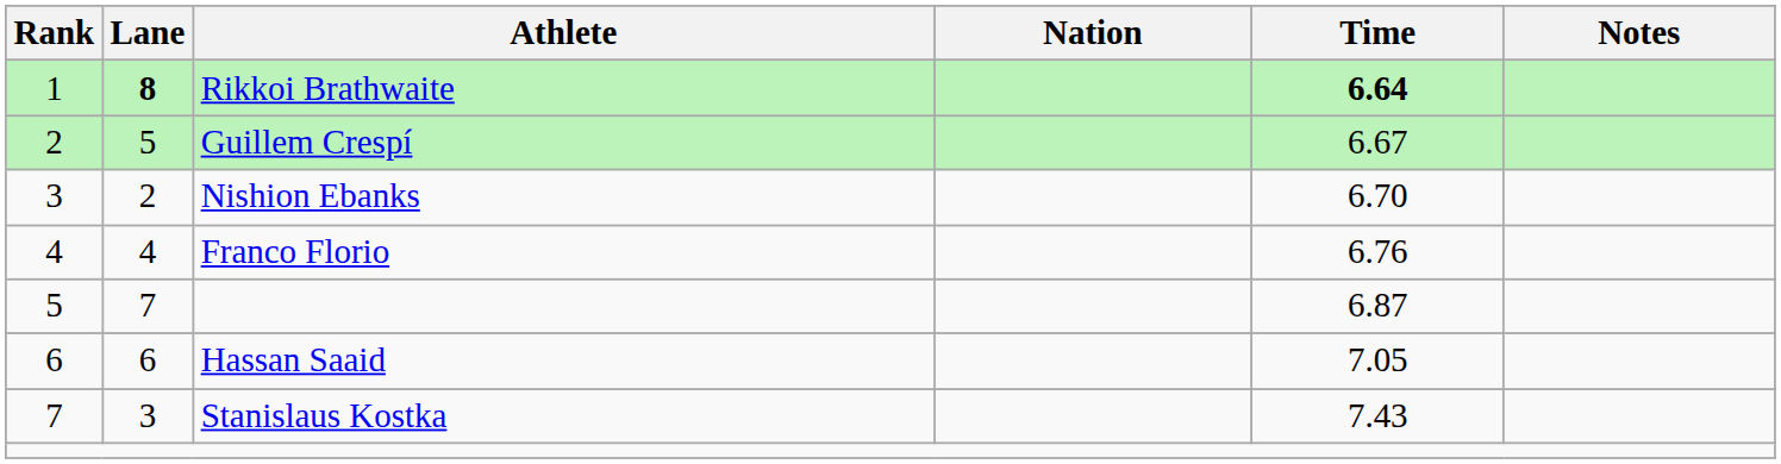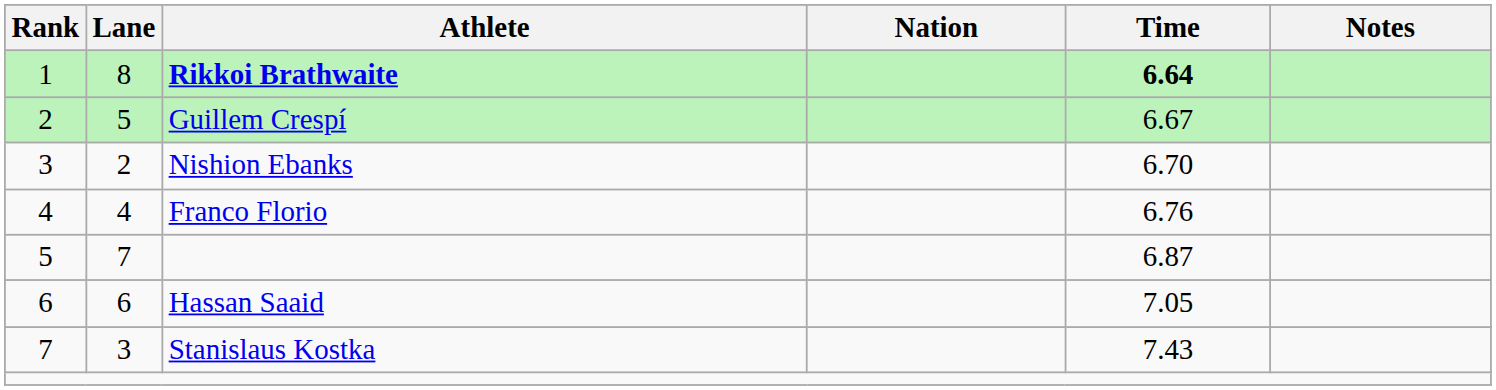 <table class="wikitable sortable" style="text-align:center;width: 65%;">
 <tr>
 <th scope="col" style="width: 10px;">Rank</th>
 <th scope="col" style="width: 10px;">Lane</th>
 <th scope="col">Athlete</th>
 <th scope="col">Nation</th>
 <th scope="col">Time</th>
 <th scope="col">Notes</th>
 </tr>
 <tr bgcolor=bbf3bb>
 <td>1</td>
-<td><strong>8</strong></td>
-<td align=left><a href='#'>Rikkoi Brathwaite</a></td>
+<td>8</td>
+<td align=left><strong><a href='#'>Rikkoi Brathwaite</a></strong></td>
 <td align=left></td>
 <td><strong>6.64</strong></td>
 <td></td>
 </tr>
 <tr bgcolor=bbf3bb>
 <td>2</td>
 <td>5</td>
 <td align=left><a href='#'>Guillem Crespí</a></td>
 <td align=left></td>
 <td>6.67</td>
 <td></td>
 </tr>
 <tr>
 <td>3</td>
 <td>2</td>
 <td align=left><a href='#'>Nishion Ebanks</a></td>
 <td align=left></td>
 <td>6.70</td>
 <td></td>
 </tr>
 <tr>
 <td>4</td>
 <td>4</td>
 <td align=left><a href='#'>Franco Florio</a></td>
 <td align=left></td>
 <td>6.76</td>
 <td></td>
 </tr>
 <tr>
 <td>5</td>
 <td>7</td>
 <td align=left></td>
 <td align=left></td>
 <td>6.87</td>
 <td></td>
 </tr>
 <tr>
 <td>6</td>
 <td>6</td>
 <td align=left><a href='#'>Hassan Saaid</a></td>
 <td align=left></td>
 <td>7.05</td>
 <td></td>
 </tr>
 <tr>
 <td>7</td>
 <td>3</td>
 <td align=left><a href='#'>Stanislaus Kostka</a></td>
 <td align=left></td>
 <td>7.43</td>
 <td></td>
 </tr>
 <tr class="sortbottom">
 <td colspan="6"></td>
 </tr>
 </table>
